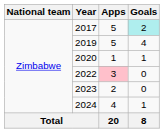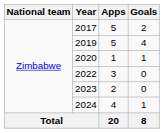 <table class="wikitable" style="text-align:center">
 <tr>
 <th>National team</th>
 <th>Year</th>
 <th>Apps</th>
 <th>Goals</th>
 </tr>
 <tr>
 <td rowspan="6"><a href='#'>Zimbabwe</a></td>
 <td>2017</td>
 <td>5</td>
-<td style="background: paleturquoise;">2</td>
+<td>2</td>
 </tr>
 <tr>
 <td>2019</td>
 <td>5</td>
 <td>4</td>
 </tr>
 <tr>
 <td>2020</td>
 <td>1</td>
 <td>1</td>
 </tr>
 <tr>
 <td>2022</td>
-<td style="background: pink;">3</td>
+<td>3</td>
 <td>0</td>
 </tr>
 <tr>
 <td>2023</td>
 <td>2</td>
 <td>0</td>
 </tr>
 <tr>
 <td>2024</td>
 <td>4</td>
 <td>1</td>
 </tr>
 <tr>
 <th colspan=2>Total</th>
 <th>20</th>
 <th>8</th>
 </tr>
 </table>
